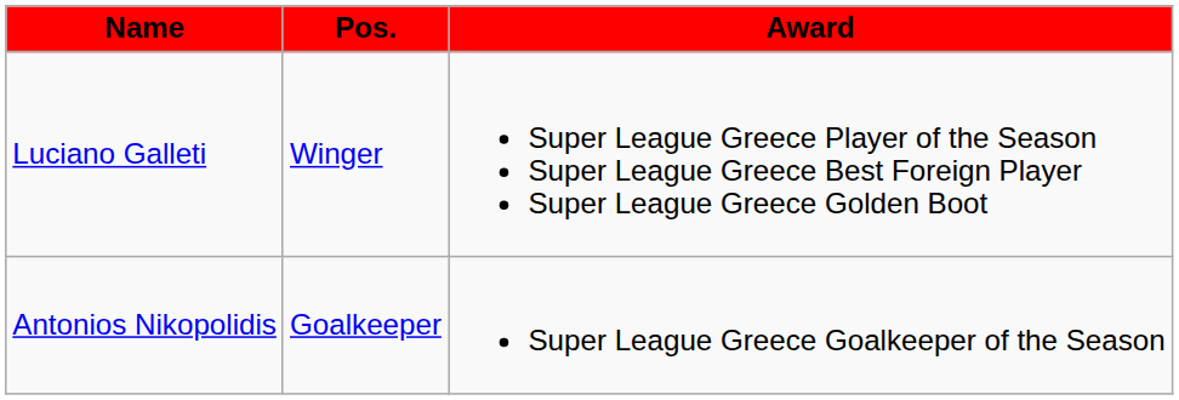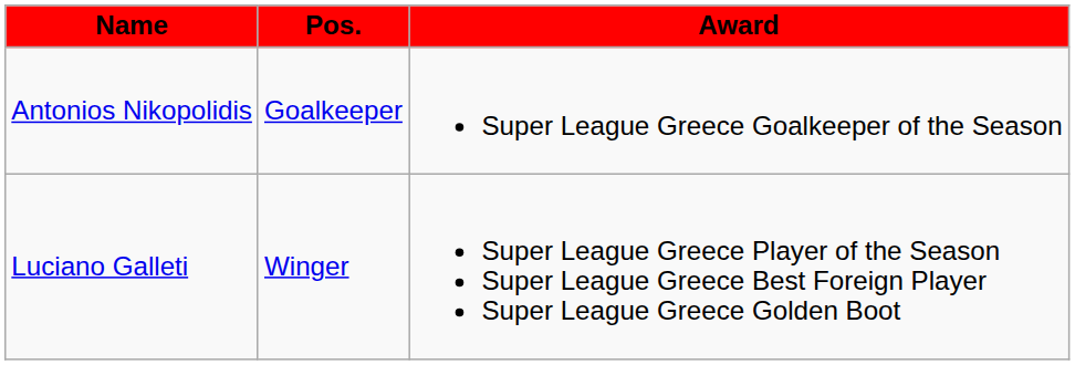 <table class="wikitable">
 <tr>
 <th style="background:#FF0000;">Name</th>
 <th style="background:#FF0000;">Pos.</th>
 <th style="background:#FF0000; !"><strong>Award</strong></th>
 </tr>
 <tr>
+<td> <a href='#'>Antonios Nikopolidis</a></td>
+<td><a href='#'>Goalkeeper</a></td>
+<td><br><ul><li>Super League Greece Goalkeeper of the Season</li></ul></td>
+</tr>
+<tr>
 <td> <a href='#'>Luciano Galleti</a></td>
 <td><a href='#'>Winger</a></td>
 <td><br><ul><li>Super League Greece Player of the Season</li><li>Super League Greece Best Foreign Player</li><li>Super League Greece Golden Boot</li></ul></td>
 </tr>
-<tr>
-<td> <a href='#'>Antonios Nikopolidis</a></td>
-<td><a href='#'>Goalkeeper</a></td>
-<td><br><ul><li>Super League Greece Goalkeeper of the Season</li></ul></td>
-</tr>
 </table>
